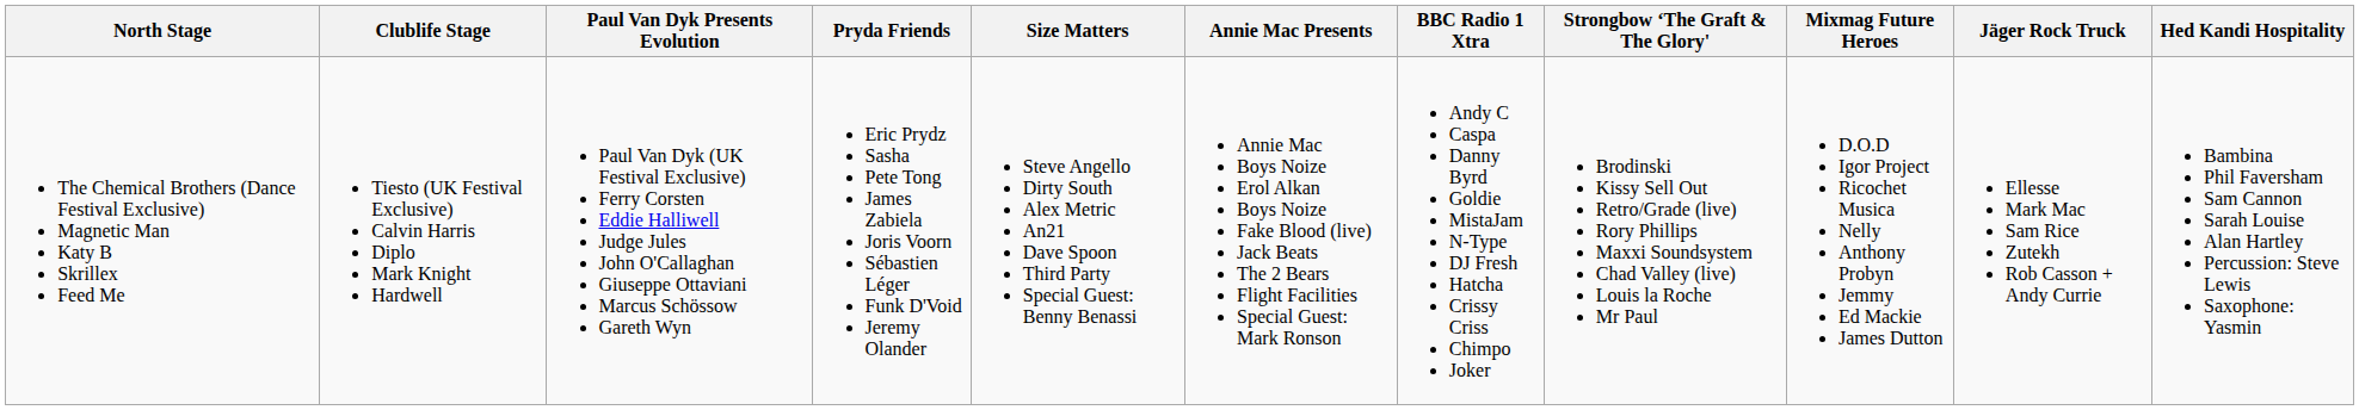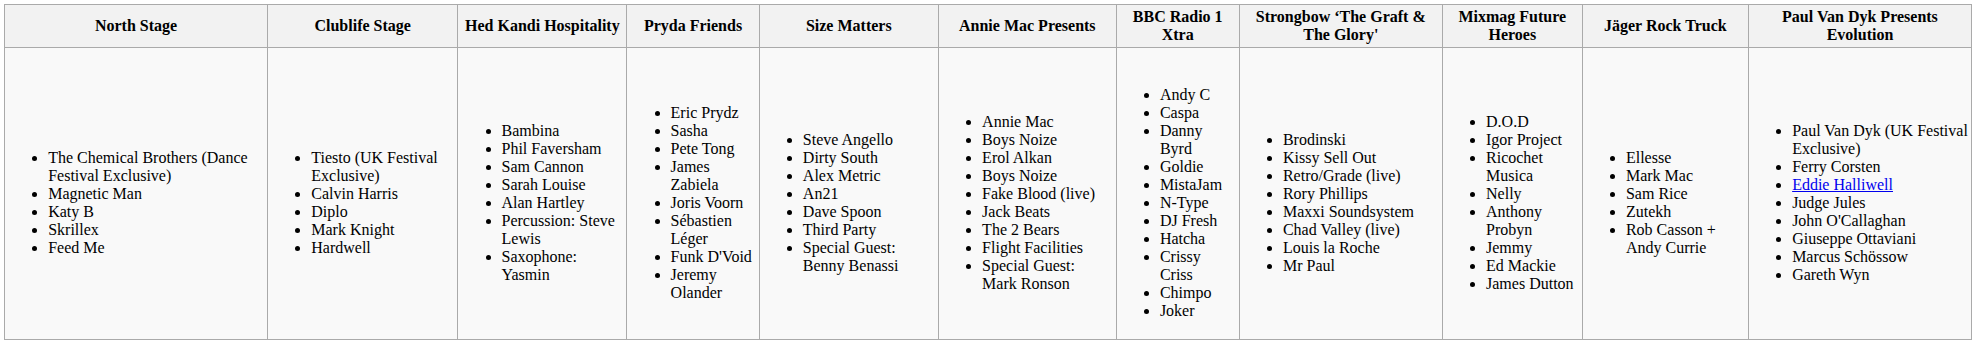 <table class="wikitable">
 <tr>
 <th>North Stage</th>
 <th>Clublife Stage</th>
-<th>Paul Van Dyk Presents Evolution</th>
+<th>Hed Kandi Hospitality</th>
 <th>Pryda Friends</th>
 <th>Size Matters</th>
 <th>Annie Mac Presents</th>
 <th>BBC Radio 1 Xtra</th>
 <th>Strongbow ‘The Graft & The Glory'</th>
 <th>Mixmag Future Heroes</th>
 <th>Jäger Rock Truck</th>
-<th>Hed Kandi Hospitality</th>
+<th>Paul Van Dyk Presents Evolution</th>
 </tr>
 <tr>
 <td><br><ul><li>The Chemical Brothers (Dance Festival Exclusive)</li><li>Magnetic Man</li><li>Katy B</li><li>Skrillex</li><li>Feed Me</li></ul></td>
 <td><br><ul><li>Tiesto (UK Festival Exclusive)</li><li>Calvin Harris</li><li>Diplo</li><li>Mark Knight</li><li>Hardwell</li></ul></td>
-<td><br><ul><li>Paul Van Dyk (UK Festival Exclusive)</li><li>Ferry Corsten</li><li><a href='#'>Eddie Halliwell</a></li><li>Judge Jules</li><li>John O'Callaghan</li><li>Giuseppe Ottaviani</li><li>Marcus Schössow</li><li>Gareth Wyn</li></ul></td>
+<td><br><ul><li>Bambina</li><li>Phil Faversham</li><li>Sam Cannon</li><li>Sarah Louise</li><li>Alan Hartley</li><li>Percussion: Steve Lewis</li><li>Saxophone: Yasmin</li></ul></td>
 <td><br><ul><li>Eric Prydz</li><li>Sasha</li><li>Pete Tong</li><li>James Zabiela</li><li>Joris Voorn</li><li>Sébastien Léger</li><li>Funk D'Void</li><li>Jeremy Olander</li></ul></td>
 <td><br><ul><li>Steve Angello</li><li>Dirty South</li><li>Alex Metric</li><li>An21</li><li>Dave Spoon</li><li>Third Party</li><li>Special Guest: Benny Benassi</li></ul></td>
 <td><br><ul><li>Annie Mac</li><li>Boys Noize</li><li>Erol Alkan</li><li>Boys Noize</li><li>Fake Blood (live)</li><li>Jack Beats</li><li>The 2 Bears</li><li>Flight Facilities</li><li>Special Guest: Mark Ronson</li></ul></td>
 <td><br><ul><li>Andy C</li><li>Caspa</li><li>Danny Byrd</li><li>Goldie</li><li>MistaJam</li><li>N-Type</li><li>DJ Fresh</li><li>Hatcha</li><li>Crissy Criss</li><li>Chimpo</li><li>Joker</li></ul></td>
 <td><br><ul><li>Brodinski</li><li>Kissy Sell Out</li><li>Retro/Grade (live)</li><li>Rory Phillips</li><li>Maxxi Soundsystem</li><li>Chad Valley (live)</li><li>Louis la Roche</li><li>Mr Paul</li></ul></td>
 <td><br><ul><li>D.O.D</li><li>Igor Project</li><li>Ricochet Musica</li><li>Nelly</li><li>Anthony Probyn</li><li>Jemmy</li><li>Ed Mackie</li><li>James Dutton</li></ul></td>
 <td><br><ul><li>Ellesse</li><li>Mark Mac</li><li>Sam Rice</li><li>Zutekh</li><li>Rob Casson + Andy Currie</li></ul></td>
-<td><br><ul><li>Bambina</li><li>Phil Faversham</li><li>Sam Cannon</li><li>Sarah Louise</li><li>Alan Hartley</li><li>Percussion: Steve Lewis</li><li>Saxophone: Yasmin</li></ul></td>
+<td><br><ul><li>Paul Van Dyk (UK Festival Exclusive)</li><li>Ferry Corsten</li><li><a href='#'>Eddie Halliwell</a></li><li>Judge Jules</li><li>John O'Callaghan</li><li>Giuseppe Ottaviani</li><li>Marcus Schössow</li><li>Gareth Wyn</li></ul></td>
 </tr>
 </table>
